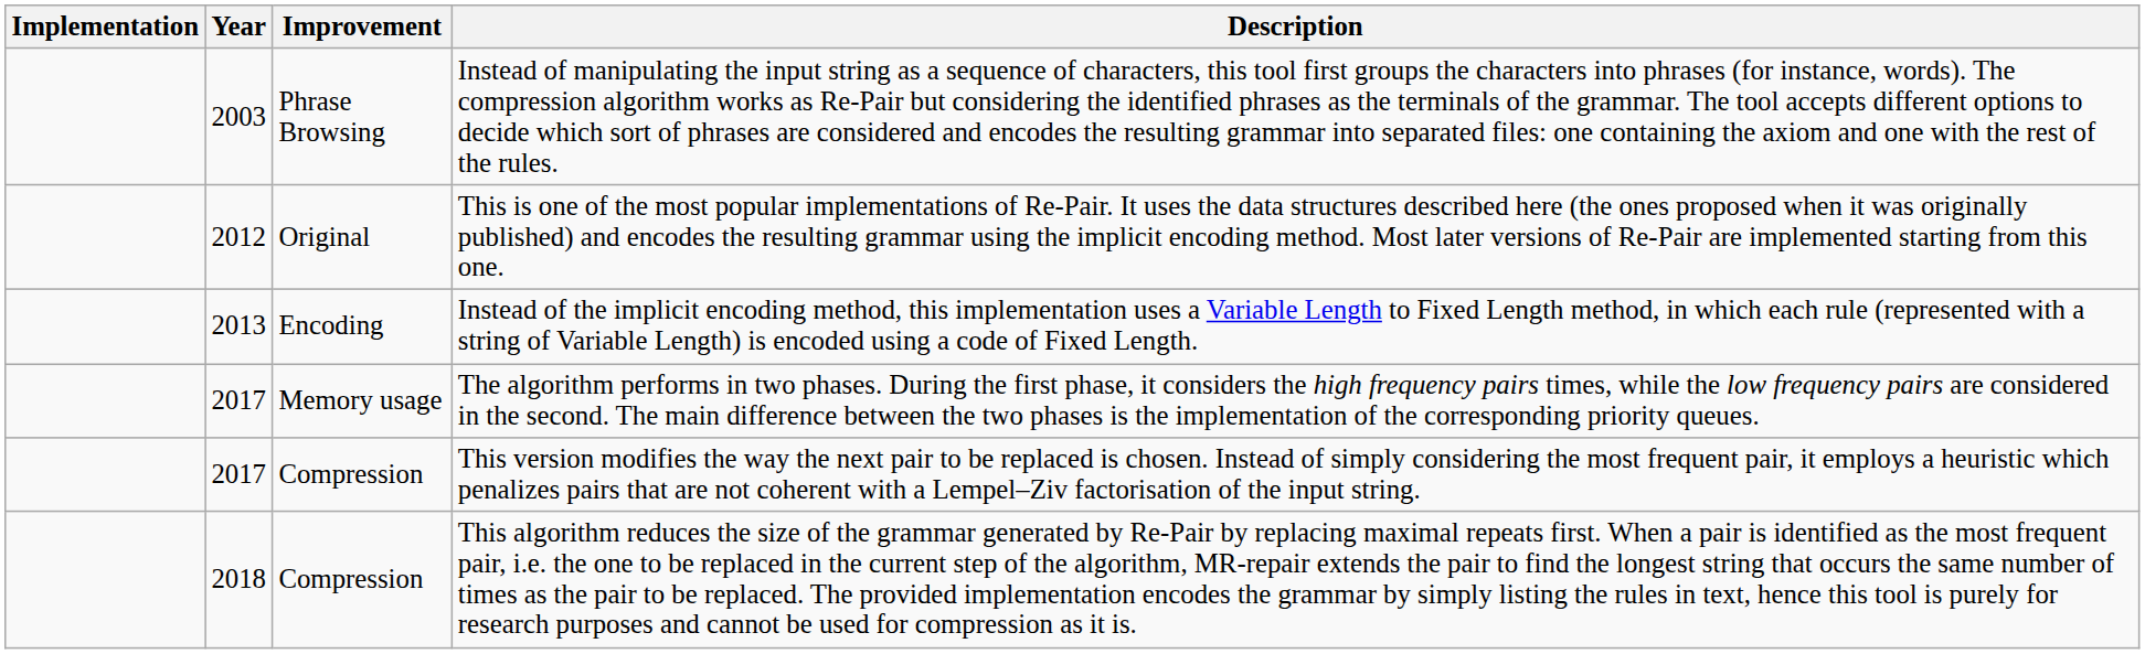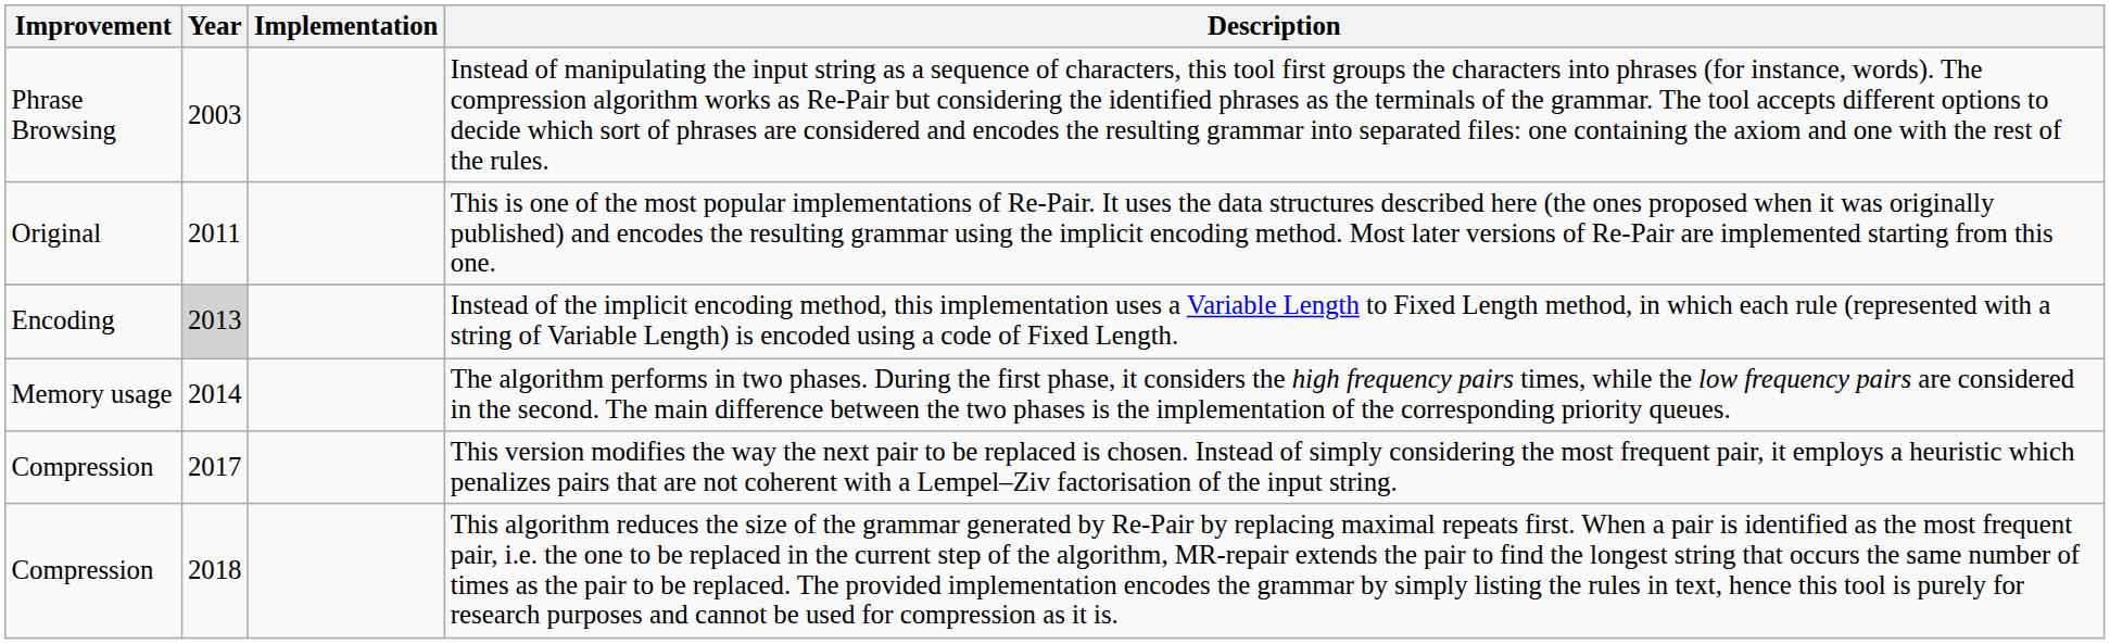 <table class="wikitable">
 <tr>
+<th>Improvement</th>
+<th>Year</th>
 <th>Implementation</th>
-<th>Year</th>
-<th>Improvement</th>
 <th>Description</th>
 </tr>
 <tr>
+<td>Phrase Browsing</td>
+<td>2003</td>
 <td></td>
-<td>2003</td>
-<td>Phrase Browsing</td>
 <td>Instead of manipulating the input string as a sequence of characters, this tool first groups the characters into phrases (for instance, words). The compression algorithm works as Re-Pair but considering the identified phrases as the terminals of the grammar. The tool accepts different options to decide which sort of phrases are considered and encodes the resulting grammar into separated files: one containing the axiom and one with the rest of the rules.</td>
 </tr>
 <tr>
+<td>Original</td>
+<td>2011</td>
 <td></td>
-<td>2012</td>
-<td>Original</td>
 <td>This is one of the most popular implementations of Re-Pair. It uses the data structures described here (the ones proposed when it was originally published) and encodes the resulting grammar using the implicit encoding method. Most later versions of Re-Pair are implemented starting from this one.</td>
 </tr>
 <tr>
+<td>Encoding</td>
+<td style="background: lightgrey;">2013</td>
 <td></td>
-<td>2013</td>
-<td>Encoding</td>
 <td>Instead of the implicit encoding method, this implementation uses a <a href='#'>Variable Length</a> to Fixed Length method, in which each rule (represented with a string of Variable Length) is encoded using a code of Fixed Length.</td>
 </tr>
 <tr>
+<td>Memory usage</td>
+<td>2014</td>
 <td></td>
-<td>2017</td>
-<td>Memory usage</td>
 <td>The algorithm performs in two phases. During the first phase, it considers the <em>high frequency pairs</em> times, while the <em>low frequency pairs</em> are considered in the second. The main difference between the two phases is the implementation of the corresponding priority queues.</td>
 </tr>
 <tr>
+<td>Compression</td>
+<td>2017</td>
 <td></td>
-<td>2017</td>
-<td>Compression</td>
 <td>This version modifies the way the next pair to be replaced is chosen. Instead of simply considering the most frequent pair, it employs a heuristic which penalizes pairs that are not coherent with a Lempel–Ziv factorisation of the input string.</td>
 </tr>
 <tr>
+<td>Compression</td>
+<td>2018</td>
 <td></td>
-<td>2018</td>
-<td>Compression</td>
 <td>This algorithm reduces the size of the grammar generated by Re-Pair by replacing maximal repeats first. When a pair is identified as the most frequent pair, i.e. the one to be replaced in the current step of the algorithm, MR-repair extends the pair to find the longest string that occurs the same number of times as the pair to be replaced. The provided implementation encodes the grammar by simply listing the rules in text, hence this tool is purely for research purposes and cannot be used for compression as it is.</td>
 </tr>
 </table>
